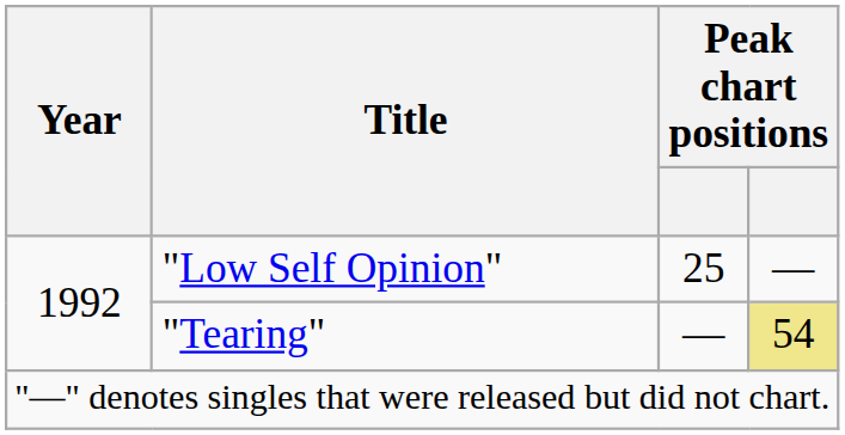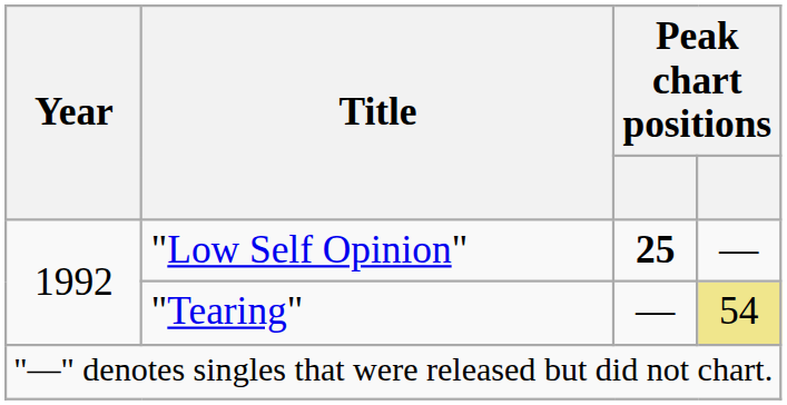 <table class="wikitable" style="margin:0em 1em 1em 0pt;text-align:center">
 <tr>
 <th rowspan="2">Year</th>
 <th rowspan="2" align="center">Title</th>
 <th colspan="4">Peak chart positions</th>
 </tr>
 <tr>
 <th width=25px></th>
 <th width=25px><br></th>
 </tr>
 <tr>
 <td rowspan="2">1992</td>
 <td align="left">"<a href='#'>Low Self Opinion</a>"</td>
-<td>25</td>
+<td><strong>25</strong></td>
 <td>—</td>
 </tr>
 <tr>
 <td align="left">"<a href='#'>Tearing</a>"</td>
 <td>—</td>
 <td style="background: khaki;">54</td>
 </tr>
 <tr>
 <td colspan=13 style="font-size:85%">"—" denotes singles that were released but did not chart.</td>
 </tr>
 </table>
